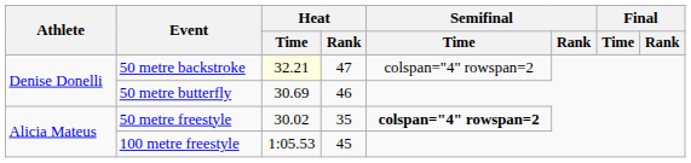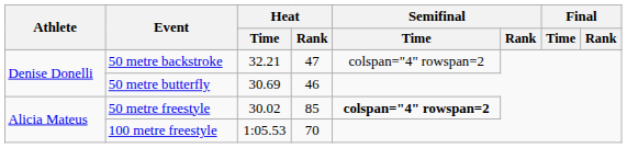 <table class="wikitable" style="text-align:center; font-size:90%; width:50%;">
 <tr>
 <th rowspan="2">Athlete</th>
 <th rowspan="2">Event</th>
 <th colspan="2">Heat</th>
 <th colspan="2">Semifinal</th>
 <th colspan="2">Final</th>
 </tr>
 <tr style="font-size:95%">
 <th>Time</th>
 <th>Rank</th>
 <th>Time</th>
 <th>Rank</th>
 <th>Time</th>
 <th>Rank</th>
 </tr>
 <tr>
 <td align=left rowspan=2><a href='#'>Denise Donelli</a></td>
 <td align=left><a href='#'>50 metre backstroke</a></td>
-<td style="background: lightyellow;">32.21</td>
+<td>32.21</td>
 <td>47</td>
 <td>colspan="4" rowspan=2</td>
 </tr>
 <tr>
 <td align=left><a href='#'>50 metre butterfly</a></td>
 <td>30.69</td>
 <td>46</td>
 </tr>
 <tr>
 <td align=left rowspan=2><a href='#'>Alicia Mateus</a></td>
 <td align=left><a href='#'>50 metre freestyle</a></td>
 <td>30.02</td>
-<td>35</td>
+<td>85</td>
 <td><strong>colspan="4" rowspan=2</strong></td>
 </tr>
 <tr>
 <td align=left><a href='#'>100 metre freestyle</a></td>
 <td>1:05.53</td>
-<td>45</td>
+<td>70</td>
 </tr>
 </table>
